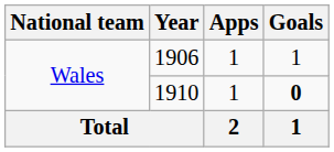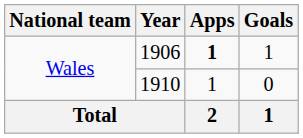 <table class=wikitable style="text-align: center">
 <tr>
 <th>National team</th>
 <th>Year</th>
 <th>Apps</th>
 <th>Goals</th>
 </tr>
 <tr>
 <td rowspan=2><a href='#'>Wales</a></td>
 <td>1906</td>
-<td>1</td>
+<td><strong>1</strong></td>
 <td>1</td>
 </tr>
 <tr>
 <td>1910</td>
 <td>1</td>
-<td><strong>0</strong></td>
+<td>0</td>
 </tr>
 <tr>
 <th colspan=2>Total</th>
 <th>2</th>
 <th>1</th>
 </tr>
 </table>
